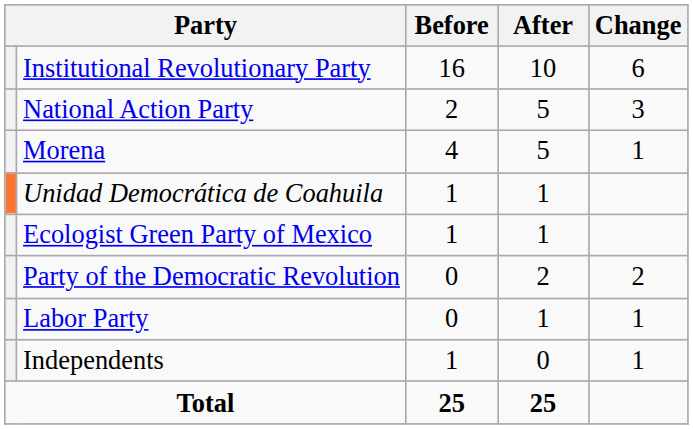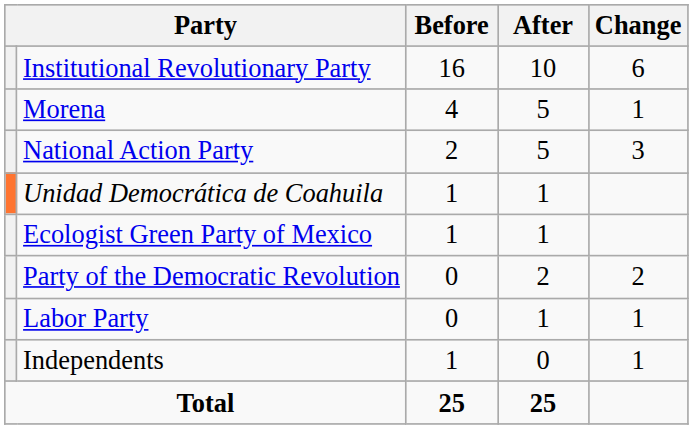 <table class="wikitable" style="text-align:center;">
 <tr>
 <th colspan="2">Party</th>
 <th style="width:3em">Before</th>
 <th style="width:3em">After</th>
 <th style="width:3em">Change</th>
 </tr>
 <tr>
 <th style="background-color:"></th>
 <td style="text-align:left;"><a href='#'>Institutional Revolutionary Party</a></td>
 <td>16</td>
 <td>10</td>
 <td>6</td>
 </tr>
 <tr>
 <th style="background-color:"></th>
+<td style="text-align:left;"><a href='#'>Morena</a></td>
+<td>4</td>
+<td>5</td>
+<td>1</td>
+</tr>
+<tr>
+<th style="background-color:"></th>
 <td style="text-align:left;"><a href='#'>National Action Party</a></td>
 <td>2</td>
 <td>5</td>
 <td>3</td>
-</tr>
-<tr>
-<th style="background-color:"></th>
-<td style="text-align:left;"><a href='#'>Morena</a></td>
-<td>4</td>
-<td>5</td>
-<td>1</td>
 </tr>
 <tr>
 <th style="background-color:#ff7430;"></th>
 <td style="text-align:left;"><em>Unidad Democrática de Coahuila</em></td>
 <td>1</td>
 <td>1</td>
 <td></td>
 </tr>
 <tr>
 <th style="background-color:"></th>
 <td style="text-align:left;"><a href='#'>Ecologist Green Party of Mexico</a></td>
 <td>1</td>
 <td>1</td>
 <td></td>
 </tr>
 <tr>
 <th style="background-color:"></th>
 <td style="text-align:left;"><a href='#'>Party of the Democratic Revolution</a></td>
 <td>0</td>
 <td>2</td>
 <td>2</td>
 </tr>
 <tr>
 <th style="background-color:"></th>
 <td style="text-align:left;"><a href='#'>Labor Party</a></td>
 <td>0</td>
 <td>1</td>
 <td>1</td>
 </tr>
 <tr>
 <th style="background-color:"></th>
 <td style="text-align:left;">Independents</td>
 <td>1</td>
 <td>0</td>
 <td>1</td>
 </tr>
 <tr>
 <td colspan="2"><strong>Total</strong></td>
 <td><strong>25</strong></td>
 <td><strong>25</strong></td>
 <td></td>
 </tr>
 </table>
